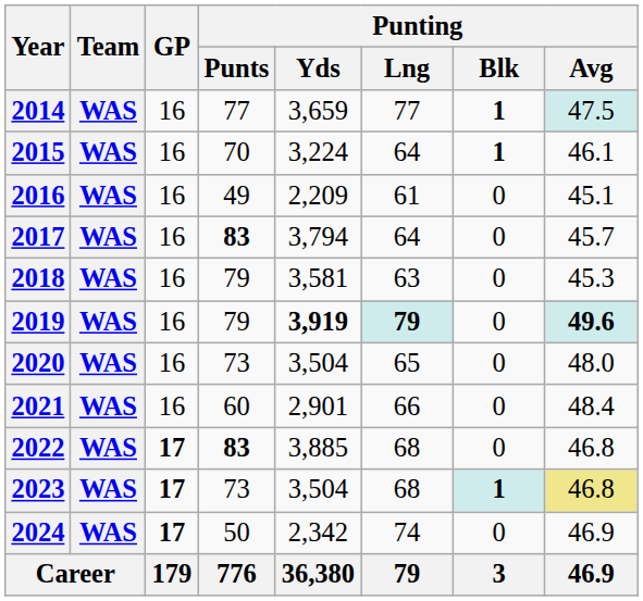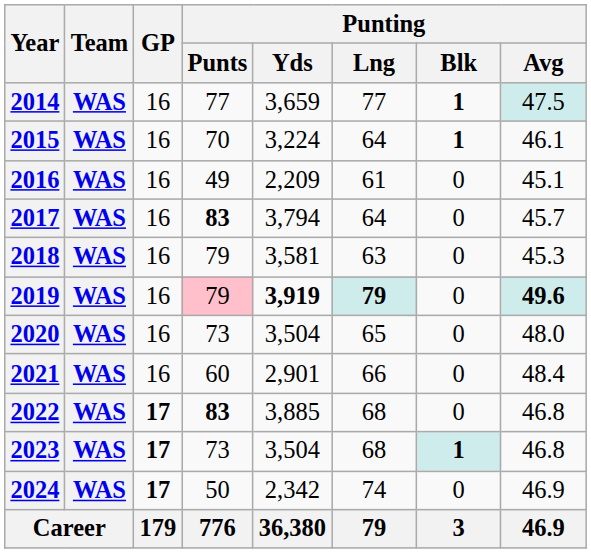 <table class="wikitable" style="text-align:center">
 <tr>
 <th rowspan="2">Year</th>
 <th rowspan="2">Team</th>
 <th rowspan="2">GP</th>
 <th colspan="5">Punting</th>
 </tr>
 <tr>
 <th>Punts</th>
 <th>Yds</th>
 <th>Lng</th>
 <th>Blk</th>
 <th>Avg</th>
 </tr>
 <tr>
 <th><a href='#'>2014</a></th>
 <th><a href='#'>WAS</a></th>
 <td>16</td>
 <td>77</td>
 <td>3,659</td>
 <td>77</td>
 <td><strong>1</strong></td>
 <td style="background:#cfecec; width:3em;">47.5</td>
 </tr>
 <tr>
 <th><a href='#'>2015</a></th>
 <th><a href='#'>WAS</a></th>
 <td>16</td>
 <td>70</td>
 <td>3,224</td>
 <td>64</td>
 <td><strong>1</strong></td>
 <td>46.1</td>
 </tr>
 <tr>
 <th><a href='#'>2016</a></th>
 <th><a href='#'>WAS</a></th>
 <td>16</td>
 <td>49</td>
 <td>2,209</td>
 <td>61</td>
 <td>0</td>
 <td>45.1</td>
 </tr>
 <tr>
 <th><a href='#'>2017</a></th>
 <th><a href='#'>WAS</a></th>
 <td>16</td>
 <td><strong>83</strong></td>
 <td>3,794</td>
 <td>64</td>
 <td>0</td>
 <td>45.7</td>
 </tr>
 <tr>
 <th><a href='#'>2018</a></th>
 <th><a href='#'>WAS</a></th>
 <td>16</td>
 <td>79</td>
 <td>3,581</td>
 <td>63</td>
 <td>0</td>
 <td>45.3</td>
 </tr>
 <tr>
 <th><a href='#'>2019</a></th>
 <th><a href='#'>WAS</a></th>
 <td>16</td>
-<td>79</td>
+<td style="background: pink;">79</td>
 <td><strong>3,919</strong></td>
 <td style="background:#cfecec; width:3em;"><strong>79</strong></td>
 <td>0</td>
 <td style="background:#cfecec; width:3em;"><strong>49.6</strong></td>
 </tr>
 <tr>
 <th><a href='#'>2020</a></th>
 <th><a href='#'>WAS</a></th>
 <td>16</td>
 <td>73</td>
 <td>3,504</td>
 <td>65</td>
 <td>0</td>
 <td>48.0</td>
 </tr>
 <tr>
 <th><a href='#'>2021</a></th>
 <th><a href='#'>WAS</a></th>
 <td>16</td>
 <td>60</td>
 <td>2,901</td>
 <td>66</td>
 <td>0</td>
 <td>48.4</td>
 </tr>
 <tr>
 <th><a href='#'>2022</a></th>
 <th><a href='#'>WAS</a></th>
 <td><strong>17</strong></td>
 <td><strong>83</strong></td>
 <td>3,885</td>
 <td>68</td>
 <td>0</td>
 <td>46.8</td>
 </tr>
 <tr>
 <th><a href='#'>2023</a></th>
 <th><a href='#'>WAS</a></th>
 <td><strong>17</strong></td>
 <td>73</td>
 <td>3,504</td>
 <td>68</td>
 <td style="background:#cfecec; width:3em;"><strong>1</strong></td>
-<td style="background: khaki;">46.8</td>
+<td>46.8</td>
 </tr>
 <tr>
 <th><a href='#'>2024</a></th>
 <th><a href='#'>WAS</a></th>
 <td><strong>17</strong></td>
 <td>50</td>
 <td>2,342</td>
 <td>74</td>
 <td>0</td>
 <td>46.9</td>
 </tr>
 <tr>
 <th colspan="2">Career</th>
 <th>179</th>
 <th>776</th>
 <th>36,380</th>
 <th>79</th>
 <th>3</th>
 <th>46.9</th>
 </tr>
 </table>
